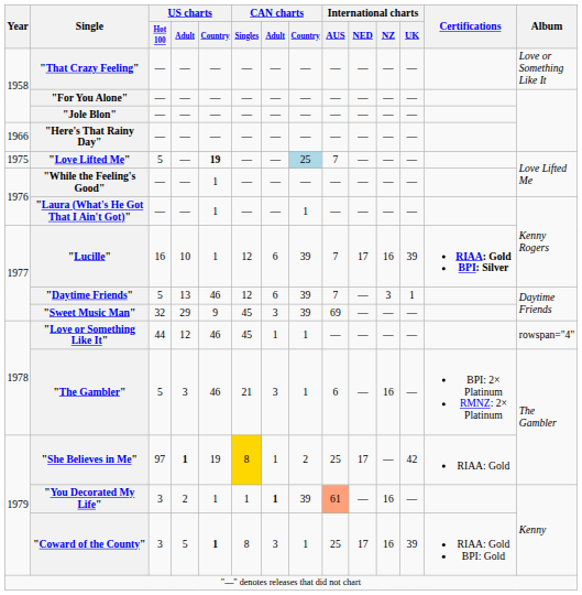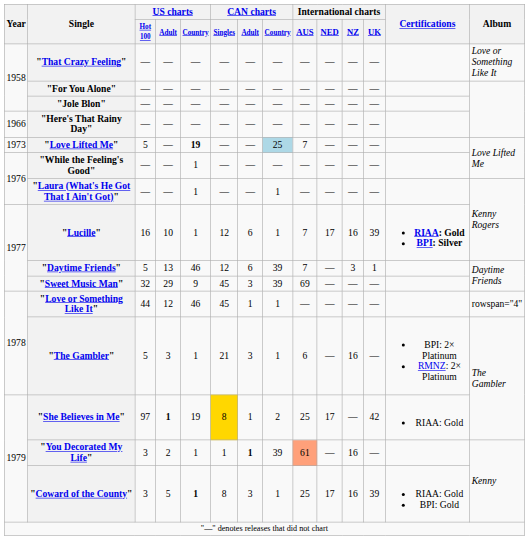 <table class="wikitable plainrowheaders" style="text-align:center;">
 <tr>
 <th rowspan="2">Year</th>
 <th rowspan="2" style="width:21em;">Single</th>
 <th colspan="3"><a href='#'>US charts</a></th>
 <th colspan="3"><a href='#'>CAN charts</a></th>
 <th colspan="4">International charts</th>
 <th rowspan="2" style="width:12em;"><a href='#'>Certifications</a></th>
 <th rowspan="2">Album</th>
 </tr>
 <tr>
 <th style="width:3em;font-size:90%"><a href='#'><small>Hot 100</small></a><br></th>
 <th style="width:3em;font-size:90%"><a href='#'><small>Adult</small></a><br></th>
 <th style="width:3em;font-size:90%"><a href='#'><small>Country</small></a><br></th>
 <th style="width:3em;font-size:90%"><a href='#'><small>Singles</small></a><br></th>
 <th style="width:3em;font-size:90%"><a href='#'><small>Adult</small></a><br></th>
 <th style="width:3em;font-size:90%"><a href='#'><small>Country</small></a><br></th>
 <th style="width:3em;font-size:90%"><a href='#'>AUS</a><br></th>
 <th style="width:3em;font-size:90%"><a href='#'>NED</a><br></th>
 <th style="width:3em;font-size:90%"><a href='#'>NZ</a><br></th>
 <th style="width:3em;font-size:90%"><a href='#'>UK</a><br></th>
 </tr>
 <tr>
 <td rowspan="3">1958</td>
 <th scope="row">"<a href='#'>That Crazy Feeling</a>"</th>
 <td>—</td>
 <td>—</td>
 <td>—</td>
 <td>—</td>
 <td>—</td>
 <td>—</td>
 <td>—</td>
 <td>—</td>
 <td>—</td>
 <td>—</td>
 <td></td>
 <td align="left"><em>Love or Something Like It</em></td>
 </tr>
 <tr>
 <th scope="row">"For You Alone"</th>
 <td>—</td>
 <td>—</td>
 <td>—</td>
 <td>—</td>
 <td>—</td>
 <td>—</td>
 <td>—</td>
 <td>—</td>
 <td>—</td>
 <td>—</td>
 <td></td>
 </tr>
 <tr>
 <th scope="row">"Jole Blon"</th>
 <td>—</td>
 <td>—</td>
 <td>—</td>
 <td>—</td>
 <td>—</td>
 <td>—</td>
 <td>—</td>
 <td>—</td>
 <td>—</td>
 <td>—</td>
 <td></td>
 </tr>
 <tr>
 <td>1966</td>
 <th scope="row">"Here's That Rainy Day"</th>
 <td>—</td>
 <td>—</td>
 <td>—</td>
 <td>—</td>
 <td>—</td>
 <td>—</td>
 <td>—</td>
 <td>—</td>
 <td>—</td>
 <td>—</td>
 <td></td>
 </tr>
 <tr>
-<td>1975</td>
+<td>1973</td>
 <th scope="row">"<a href='#'>Love Lifted Me</a>"</th>
 <td>5</td>
 <td>—</td>
 <td><strong>19</strong></td>
 <td>—</td>
 <td>—</td>
 <td style="background: lightblue;">25</td>
 <td>7</td>
 <td>—</td>
 <td>—</td>
 <td>—</td>
 <td></td>
 <td align="left" rowspan="2"><em>Love Lifted Me</em></td>
 </tr>
 <tr>
 <td rowspan="2">1976</td>
 <th scope="row">"While the Feeling's Good"</th>
 <td>—</td>
 <td>—</td>
 <td>1</td>
 <td>—</td>
 <td>—</td>
 <td>—</td>
 <td>—</td>
 <td>—</td>
 <td>—</td>
 <td>—</td>
 <td></td>
 </tr>
 <tr>
 <th scope="row">"<a href='#'>Laura (What's He Got That I Ain't Got)</a>"</th>
 <td>—</td>
 <td>—</td>
 <td>1</td>
 <td>—</td>
 <td>—</td>
 <td>1</td>
 <td>—</td>
 <td>—</td>
 <td>—</td>
 <td>—</td>
 <td></td>
 <td align="left" rowspan="2"><em>Kenny Rogers</em></td>
 </tr>
 <tr>
 <td rowspan="3">1977</td>
 <th scope="row">"<a href='#'>Lucille</a>"</th>
 <td>16</td>
 <td>10</td>
 <td>1</td>
 <td>12</td>
 <td>6</td>
-<td>39</td>
+<td>1</td>
 <td>7</td>
 <td>17</td>
 <td>16</td>
 <td>39</td>
 <td><strong><br><ul><li><a href='#'>RIAA</a>: Gold</li><li><a href='#'>BPI</a>: Silver</li></ul></strong></td>
 </tr>
 <tr>
 <th scope="row">"<a href='#'>Daytime Friends</a>"</th>
 <td>5</td>
 <td>13</td>
 <td>46</td>
 <td>12</td>
 <td>6</td>
 <td>39</td>
 <td>7</td>
 <td>—</td>
 <td>3</td>
 <td>1</td>
 <td></td>
 <td align="left" rowspan="2"><em>Daytime Friends</em></td>
 </tr>
 <tr>
 <th scope="row">"<a href='#'>Sweet Music Man</a>"</th>
 <td>32</td>
 <td>29</td>
 <td>9</td>
 <td>45</td>
 <td>3</td>
 <td>39</td>
 <td>69</td>
 <td>—</td>
 <td>—</td>
 <td>—</td>
 <td></td>
 </tr>
 <tr>
 <td rowspan="2">1978</td>
 <th scope="row">"<a href='#'>Love or Something Like It</a>"</th>
 <td>44</td>
 <td>12</td>
 <td>46</td>
 <td>45</td>
 <td>1</td>
 <td>1</td>
 <td>—</td>
 <td>—</td>
 <td>—</td>
 <td>—</td>
 <td></td>
 <td>rowspan="4" </td>
 </tr>
 <tr>
 <th scope="row">"<a href='#'>The Gambler</a>"</th>
 <td>5</td>
 <td>3</td>
-<td>46</td>
+<td>1</td>
 <td>21</td>
 <td>3</td>
 <td>1</td>
 <td>6</td>
 <td>—</td>
 <td>16</td>
 <td>—</td>
 <td><br><ul><li>BPI: 2× Platinum</li><li><a href='#'>RMNZ</a>: 2× Platinum</li></ul></td>
 <td align="left" rowspan="2"><em>The Gambler</em></td>
 </tr>
 <tr>
 <td rowspan="3">1979</td>
 <th scope="row">"<a href='#'>She Believes in Me</a>"</th>
 <td>97</td>
 <td><strong>1</strong></td>
 <td>19</td>
 <td style="background: gold;">8</td>
 <td>1</td>
 <td>2</td>
 <td>25</td>
 <td>17</td>
 <td>—</td>
 <td>42</td>
 <td><br><ul><li>RIAA: Gold</li></ul></td>
 </tr>
 <tr>
 <th scope="row">"<a href='#'>You Decorated My Life</a>"</th>
 <td>3</td>
 <td>2</td>
 <td>1</td>
 <td>1</td>
 <td><strong>1</strong></td>
 <td>39</td>
 <td style="background: lightsalmon;">61</td>
 <td>—</td>
 <td>16</td>
 <td>—</td>
 <td></td>
 <td align="left" rowspan="2"><em>Kenny</em></td>
 </tr>
 <tr>
 <th scope="row">"<a href='#'>Coward of the County</a>"</th>
 <td>3</td>
 <td>5</td>
 <td><strong>1</strong></td>
 <td>8</td>
 <td>3</td>
 <td>1</td>
 <td>25</td>
 <td>17</td>
 <td>16</td>
 <td>39</td>
 <td><br><ul><li>RIAA: Gold</li><li>BPI: Gold</li></ul></td>
 </tr>
 <tr>
 <td colspan="14" style="font-size:85%">"—" denotes releases that did not chart</td>
 </tr>
 </table>
